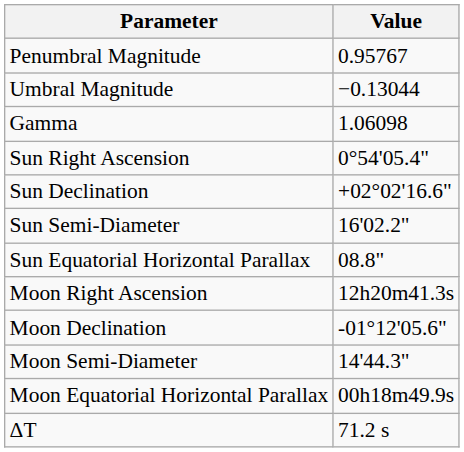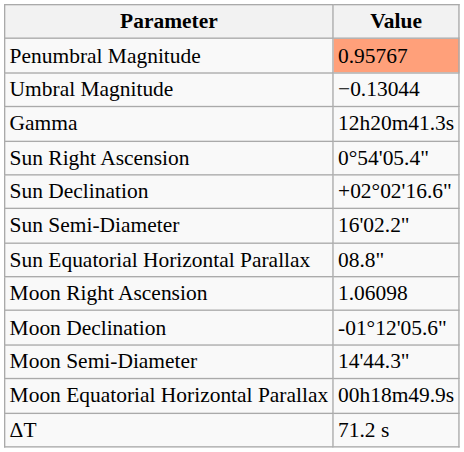 <table class="wikitable">
 <tr>
 <th>Parameter</th>
 <th>Value</th>
 </tr>
 <tr>
 <td>Penumbral Magnitude</td>
-<td>0.95767</td>
+<td style="background: lightsalmon;">0.95767</td>
 </tr>
 <tr>
 <td>Umbral Magnitude</td>
 <td>−0.13044</td>
 </tr>
 <tr>
 <td>Gamma</td>
-<td>1.06098</td>
+<td>12h20m41.3s</td>
 </tr>
 <tr>
 <td>Sun Right Ascension</td>
 <td>0°54'05.4"</td>
 </tr>
 <tr>
 <td>Sun Declination</td>
 <td>+02°02'16.6"</td>
 </tr>
 <tr>
 <td>Sun Semi-Diameter</td>
 <td>16'02.2"</td>
 </tr>
 <tr>
 <td>Sun Equatorial Horizontal Parallax</td>
 <td>08.8"</td>
 </tr>
 <tr>
 <td>Moon Right Ascension</td>
-<td>12h20m41.3s</td>
+<td>1.06098</td>
 </tr>
 <tr>
 <td>Moon Declination</td>
 <td>-01°12'05.6"</td>
 </tr>
 <tr>
 <td>Moon Semi-Diameter</td>
 <td>14'44.3"</td>
 </tr>
 <tr>
 <td>Moon Equatorial Horizontal Parallax</td>
 <td>00h18m49.9s</td>
 </tr>
 <tr>
 <td>ΔT</td>
 <td>71.2 s</td>
 </tr>
 </table>
